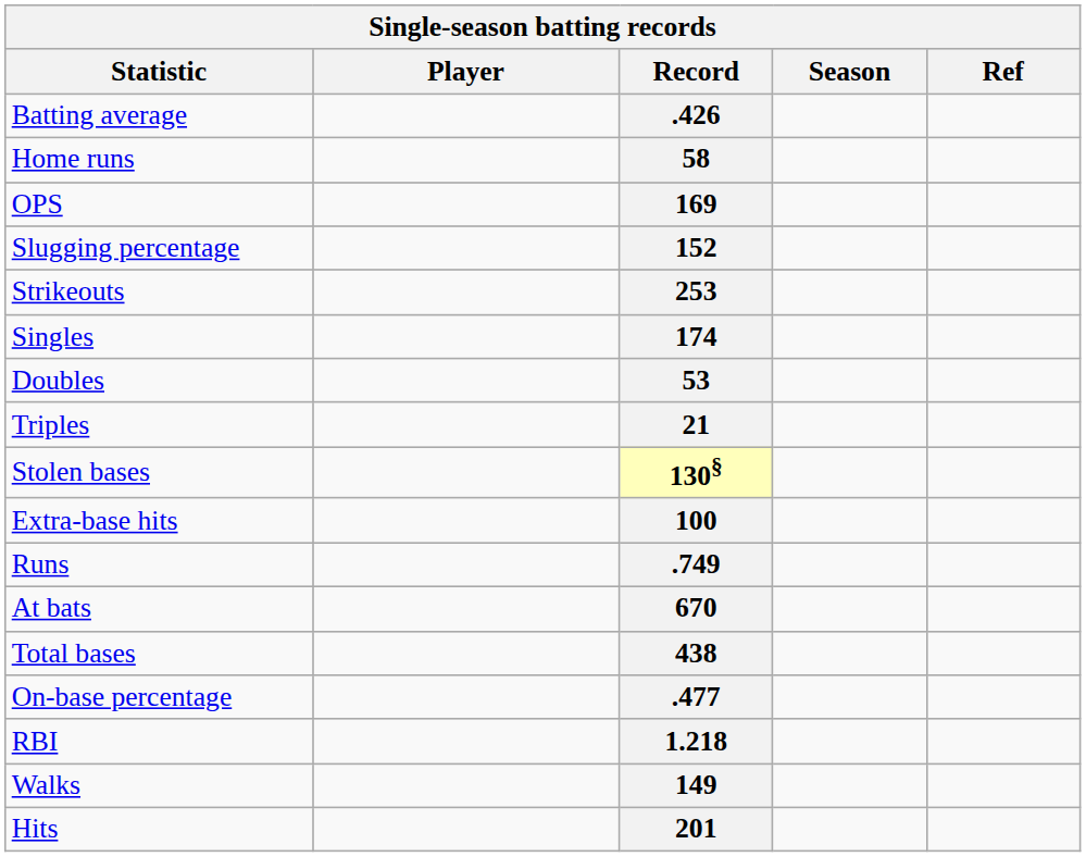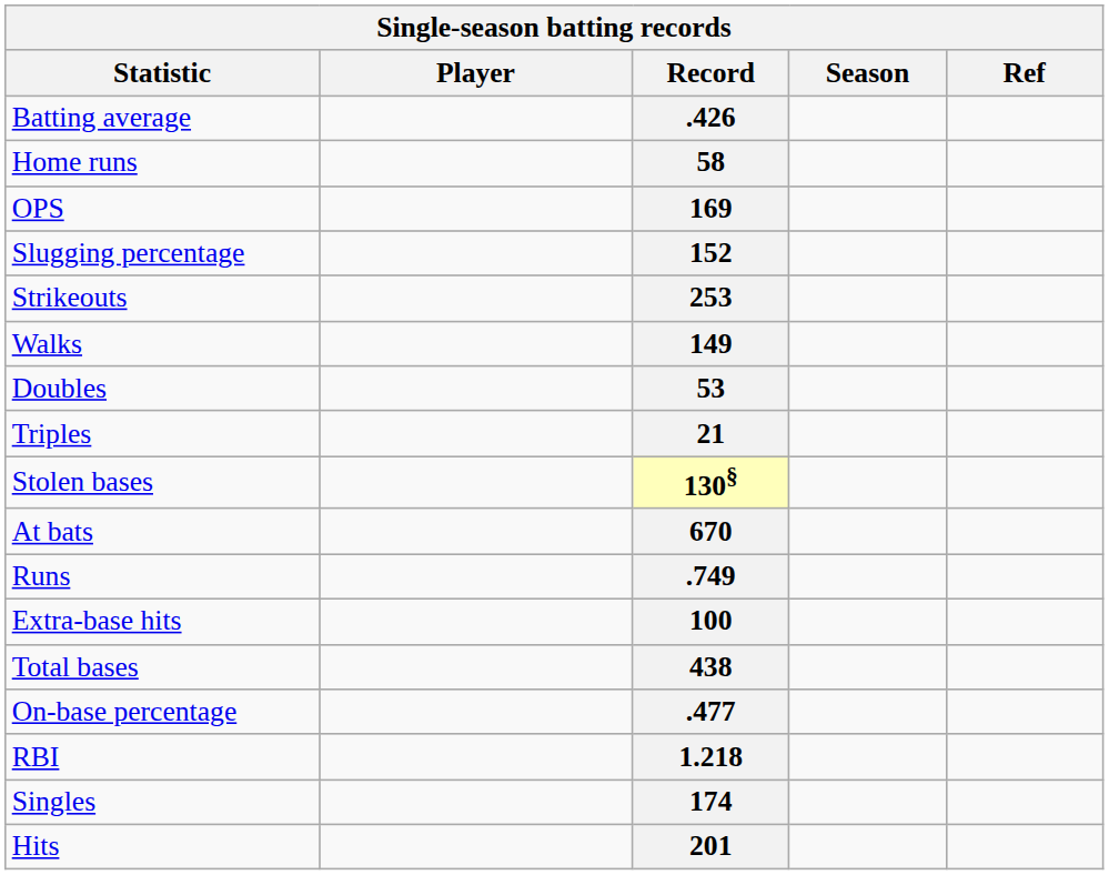 <table class="wikitable" style="text-align:left" width="70%">
 <tr>
 <th colspan=5>Single-season batting records</th>
 </tr>
 <tr>
 <th scope="col" width=20%>Statistic</th>
 <th scope="col" width=20%>Player</th>
 <th scope="col" width=10% class="unsortable">Record</th>
 <th scope="col" width=10%>Season</th>
 <th scope="col" width=10% class="unsortable">Ref</th>
 </tr>
 <tr>
 <td><a href='#'>Batting average</a></td>
 <td></td>
 <th scope="row">.426</th>
 <td></td>
 <td></td>
 </tr>
 <tr>
 <td><a href='#'>Home runs</a></td>
 <td></td>
 <th scope="row">58</th>
 <td></td>
 <td></td>
 </tr>
 <tr>
 <td><a href='#'>OPS</a></td>
 <td></td>
 <th scope="row">169</th>
 <td></td>
 <td></td>
 </tr>
 <tr>
 <td><a href='#'>Slugging percentage</a></td>
 <td></td>
 <th scope="row">152</th>
 <td></td>
 <td></td>
 </tr>
 <tr>
 <td><a href='#'>Strikeouts</a></td>
 <td></td>
 <th scope="row">253</th>
 <td></td>
 <td></td>
 </tr>
 <tr>
-<td><a href='#'>Singles</a></td>
+<td><a href='#'>Walks</a></td>
 <td></td>
-<th scope="row">174</th>
+<th scope="row">149</th>
 <td></td>
 <td></td>
 </tr>
 <tr>
 <td><a href='#'>Doubles</a></td>
 <td></td>
 <th scope="row">53</th>
 <td></td>
 <td></td>
 </tr>
 <tr>
 <td><a href='#'>Triples</a></td>
 <td></td>
 <th scope="row">21</th>
 <td></td>
 <td></td>
 </tr>
 <tr>
 <td><a href='#'>Stolen bases</a></td>
 <td></td>
 <th scope="row" style="background-color:#ffffbb">130<sup>§</sup></th>
 <td></td>
 <td></td>
 </tr>
 <tr>
-<td><a href='#'>Extra-base hits</a></td>
+<td><a href='#'>At bats</a></td>
 <td></td>
-<th scope="row">100</th>
+<th scope="row">670</th>
 <td></td>
 <td></td>
 </tr>
 <tr>
 <td><a href='#'>Runs</a></td>
 <td></td>
 <th scope="row">.749</th>
 <td></td>
 <td></td>
 </tr>
 <tr>
-<td><a href='#'>At bats</a></td>
+<td><a href='#'>Extra-base hits</a></td>
 <td></td>
-<th scope="row">670</th>
+<th scope="row">100</th>
 <td></td>
 <td></td>
 </tr>
 <tr>
 <td><a href='#'>Total bases</a></td>
 <td></td>
 <th scope="row">438</th>
 <td></td>
 <td></td>
 </tr>
 <tr>
 <td><a href='#'>On-base percentage</a></td>
 <td></td>
 <th scope="row">.477</th>
 <td></td>
 <td></td>
 </tr>
 <tr>
 <td><a href='#'>RBI</a></td>
 <td></td>
 <th scope="row">1.218</th>
 <td></td>
 <td></td>
 </tr>
 <tr>
-<td><a href='#'>Walks</a></td>
+<td><a href='#'>Singles</a></td>
 <td></td>
-<th scope="row">149</th>
+<th scope="row">174</th>
 <td></td>
 <td></td>
 </tr>
 <tr>
 <td><a href='#'>Hits</a></td>
 <td></td>
 <th scope="row">201</th>
 <td></td>
 <td></td>
 </tr>
 </table>
